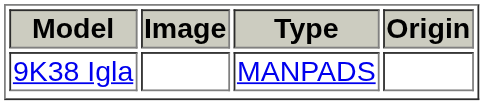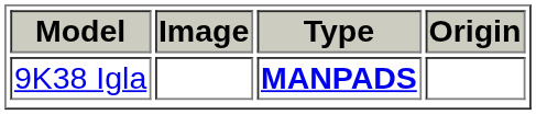 <table border=1 style="border-collapse:">
 <tr bgcolor=ccccc>
 <th>Model</th>
 <th>Image</th>
 <th>Type</th>
 <th>Origin</th>
 </tr>
 <tr>
 <td><a href='#'>9K38 Igla</a></td>
 <td></td>
-<td><a href='#'>MANPADS</a></td>
+<td><strong><a href='#'>MANPADS</a></strong></td>
 <td></td>
 </tr>
 <tr>
 </tr>
 </table>
